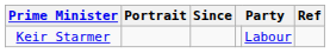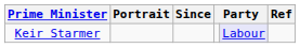 <table class="wikitable" style="text-align:center">
 <tr>
 <th><a href='#'>Prime Minister</a></th>
 <th>Portrait</th>
 <th>Since</th>
 <th colspan=2>Party</th>
 <th scope=col>Ref</th>
 </tr>
 <tr>
 <td><a href='#'>Keir Starmer</a></td>
 <td></td>
 <td></td>
 <td style="color:inherit;background:"></td>
-<td><a href='#'>Labour</a></td>
+<td style="background: lavender;"><a href='#'>Labour</a></td>
 <td></td>
 </tr>
 </table>
